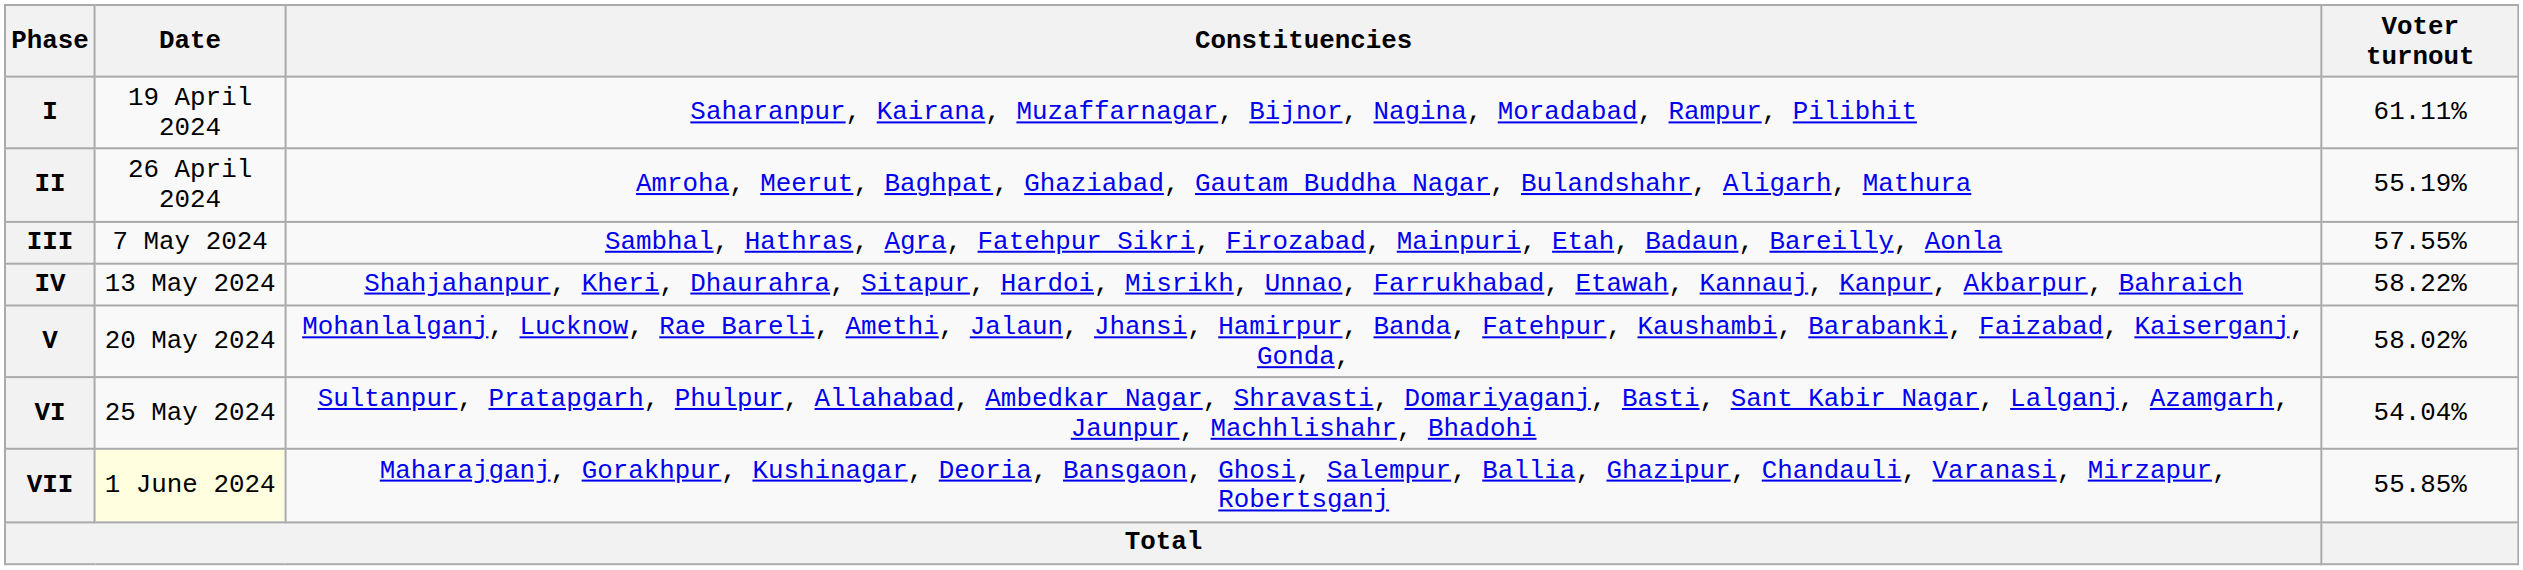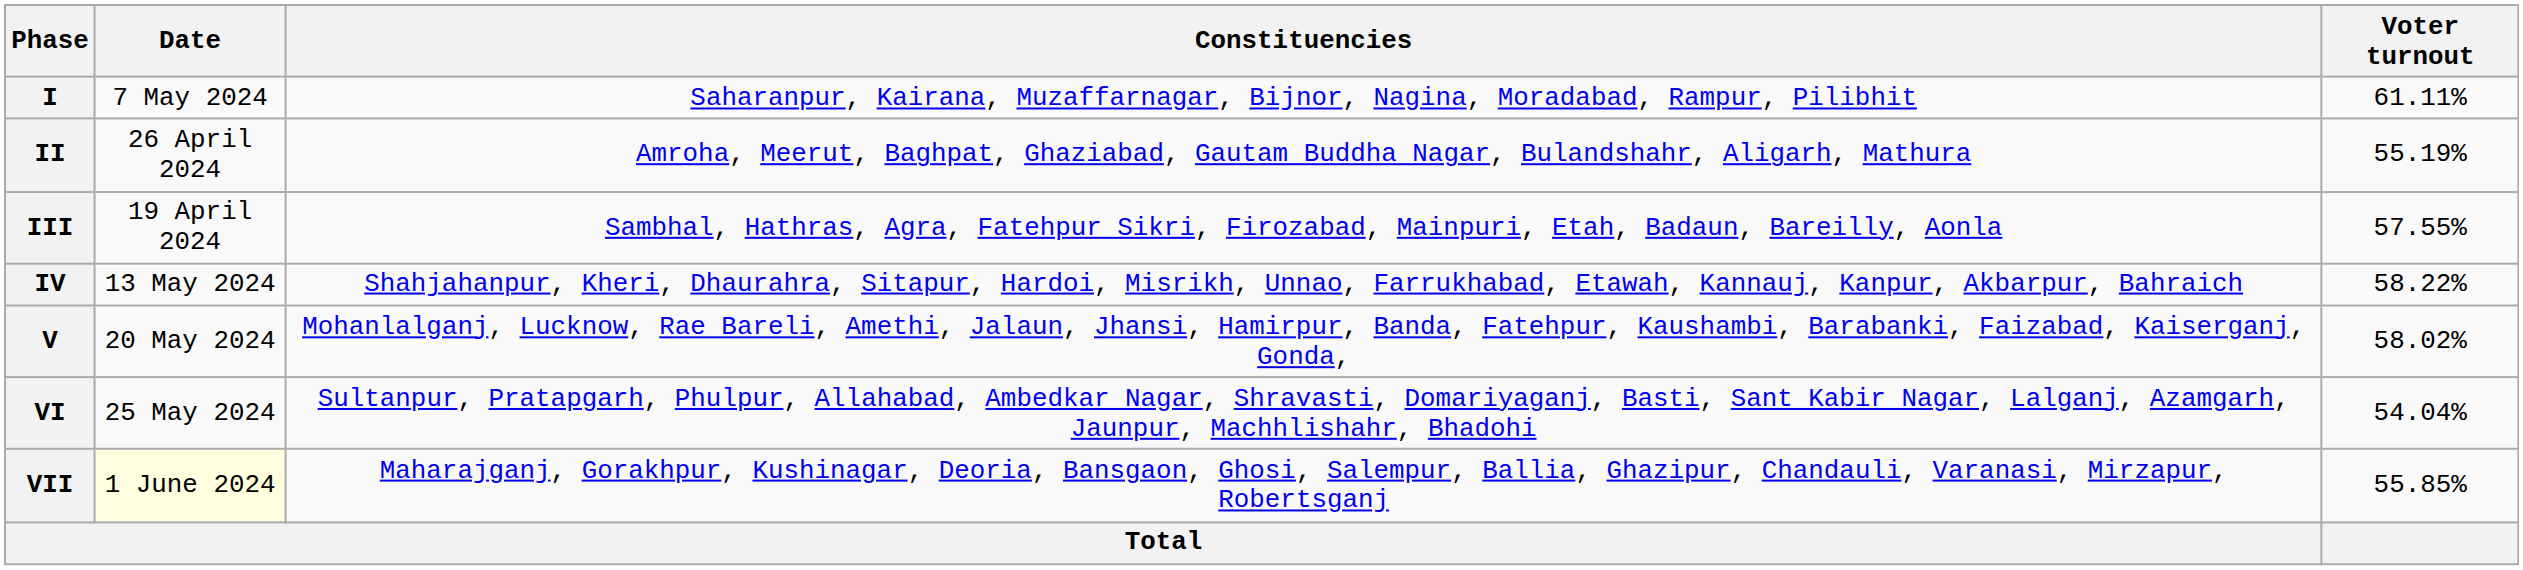 <table class="wikitable" style="text-align:center;margin:auto;">
 <tr>
 <th>Phase</th>
 <th>Date</th>
 <th>Constituencies</th>
 <th>Voter turnout</th>
 </tr>
 <tr>
 <th>I</th>
-<td>19 April 2024</td>
+<td>7 May 2024</td>
 <td><a href='#'>Saharanpur</a>, <a href='#'>Kairana</a>, <a href='#'>Muzaffarnagar</a>, <a href='#'>Bijnor</a>, <a href='#'>Nagina</a>, <a href='#'>Moradabad</a>, <a href='#'>Rampur</a>, <a href='#'>Pilibhit</a></td>
 <td>61.11%</td>
 </tr>
 <tr>
 <th>II</th>
 <td>26 April 2024</td>
 <td><a href='#'>Amroha</a>, <a href='#'>Meerut</a>, <a href='#'>Baghpat</a>, <a href='#'>Ghaziabad</a>, <a href='#'>Gautam Buddha Nagar</a>, <a href='#'>Bulandshahr</a>, <a href='#'>Aligarh</a>, <a href='#'>Mathura</a></td>
 <td>55.19%</td>
 </tr>
 <tr>
 <th>III</th>
-<td>7 May 2024</td>
+<td>19 April 2024</td>
 <td><a href='#'>Sambhal</a>, <a href='#'>Hathras</a>, <a href='#'>Agra</a>, <a href='#'>Fatehpur Sikri</a>, <a href='#'>Firozabad</a>, <a href='#'>Mainpuri</a>, <a href='#'>Etah</a>, <a href='#'>Badaun</a>, <a href='#'>Bareilly</a>, <a href='#'>Aonla</a></td>
 <td>57.55%</td>
 </tr>
 <tr>
 <th>IV</th>
 <td>13 May 2024</td>
 <td><a href='#'>Shahjahanpur</a>, <a href='#'>Kheri</a>, <a href='#'>Dhaurahra</a>, <a href='#'>Sitapur</a>, <a href='#'>Hardoi</a>, <a href='#'>Misrikh</a>, <a href='#'>Unnao</a>, <a href='#'>Farrukhabad</a>, <a href='#'>Etawah</a>, <a href='#'>Kannauj</a>, <a href='#'>Kanpur</a>, <a href='#'>Akbarpur</a>, <a href='#'>Bahraich</a></td>
 <td>58.22%</td>
 </tr>
 <tr>
 <th>V</th>
 <td>20 May 2024</td>
 <td><a href='#'>Mohanlalganj</a>, <a href='#'>Lucknow</a>, <a href='#'>Rae Bareli</a>, <a href='#'>Amethi</a>, <a href='#'>Jalaun</a>, <a href='#'>Jhansi</a>, <a href='#'>Hamirpur</a>, <a href='#'>Banda</a>, <a href='#'>Fatehpur</a>, <a href='#'>Kaushambi</a>, <a href='#'>Barabanki</a>, <a href='#'>Faizabad</a>, <a href='#'>Kaiserganj</a>, <a href='#'>Gonda</a>,</td>
 <td>58.02%</td>
 </tr>
 <tr>
 <th>VI</th>
 <td>25 May 2024</td>
 <td><a href='#'>Sultanpur</a>, <a href='#'>Pratapgarh</a>, <a href='#'>Phulpur</a>, <a href='#'>Allahabad</a>, <a href='#'>Ambedkar Nagar</a>, <a href='#'>Shravasti</a>, <a href='#'>Domariyaganj</a>, <a href='#'>Basti</a>, <a href='#'>Sant Kabir Nagar</a>, <a href='#'>Lalganj</a>, <a href='#'>Azamgarh</a>, <a href='#'>Jaunpur</a>, <a href='#'>Machhlishahr</a>, <a href='#'>Bhadohi</a></td>
 <td>54.04%</td>
 </tr>
 <tr>
 <th>VII</th>
 <td style="background: lightyellow;">1 June 2024</td>
 <td><a href='#'>Maharajganj</a>, <a href='#'>Gorakhpur</a>, <a href='#'>Kushinagar</a>, <a href='#'>Deoria</a>, <a href='#'>Bansgaon</a>, <a href='#'>Ghosi</a>, <a href='#'>Salempur</a>, <a href='#'>Ballia</a>, <a href='#'>Ghazipur</a>, <a href='#'>Chandauli</a>, <a href='#'>Varanasi</a>, <a href='#'>Mirzapur</a>, <a href='#'>Robertsganj</a></td>
 <td>55.85%</td>
 </tr>
 <tr>
 <th colspan="3">Total</th>
 <th></th>
 </tr>
 </table>
